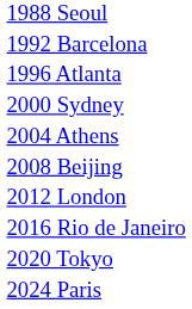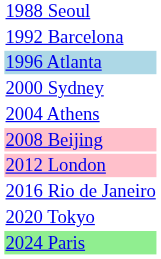 <table>
 <tr>
 <td><a href='#'>1988 Seoul</a><br></td>
 <td></td>
 <td></td>
 <td></td>
 </tr>
 <tr>
 <td><a href='#'>1992 Barcelona</a><br></td>
 <td></td>
 <td></td>
 <td></td>
 </tr>
 <tr>
-<td><a href='#'>1996 Atlanta</a><br></td>
+<td style="background: lightblue;"><a href='#'>1996 Atlanta</a><br></td>
 <td></td>
 <td></td>
 <td></td>
 </tr>
 <tr>
 <td><a href='#'>2000 Sydney</a><br></td>
 <td></td>
 <td></td>
 <td></td>
 </tr>
 <tr>
 <td><a href='#'>2004 Athens</a><br></td>
 <td></td>
 <td></td>
 <td></td>
 </tr>
 <tr>
-<td><a href='#'>2008 Beijing</a><br></td>
+<td style="background: pink;"><a href='#'>2008 Beijing</a><br></td>
 <td></td>
 <td></td>
 <td></td>
 </tr>
 <tr>
-<td><a href='#'>2012 London</a><br></td>
+<td style="background: pink;"><a href='#'>2012 London</a><br></td>
 <td></td>
 <td></td>
 <td></td>
 </tr>
 <tr>
 <td><a href='#'>2016 Rio de Janeiro</a><br></td>
 <td></td>
 <td></td>
 <td></td>
 </tr>
 <tr>
 <td><a href='#'>2020 Tokyo</a><br></td>
 <td></td>
 <td></td>
 <td></td>
 </tr>
 <tr>
-<td><a href='#'>2024 Paris</a><br></td>
+<td style="background: lightgreen;"><a href='#'>2024 Paris</a><br></td>
 <td></td>
 <td></td>
 <td></td>
 </tr>
 <tr>
 </tr>
 </table>
